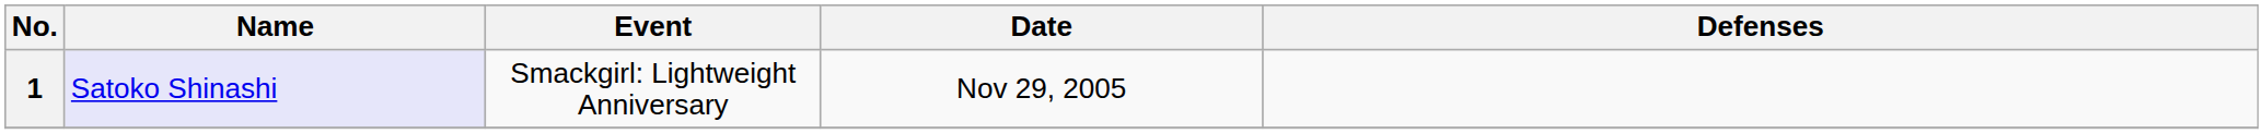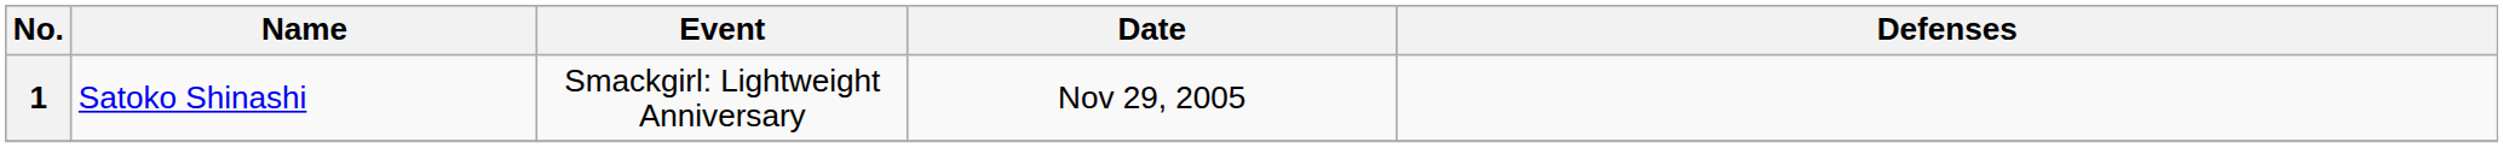 <table class="wikitable" width=100%>
 <tr>
 <th width=1%>No.</th>
 <th width=19%>Name</th>
 <th width=15%>Event</th>
 <th width=20%>Date</th>
 <th width=45%>Defenses</th>
 </tr>
 <tr>
 <th>1</th>
-<td style="background: lavender;"> <a href='#'>Satoko Shinashi</a> <br></td>
+<td> <a href='#'>Satoko Shinashi</a> <br></td>
 <td align=center>Smackgirl: Lightweight Anniversary <br></td>
 <td align=center>Nov 29, 2005</td>
 <td><br></td>
 </tr>
 <tr>
 </tr>
 </table>
